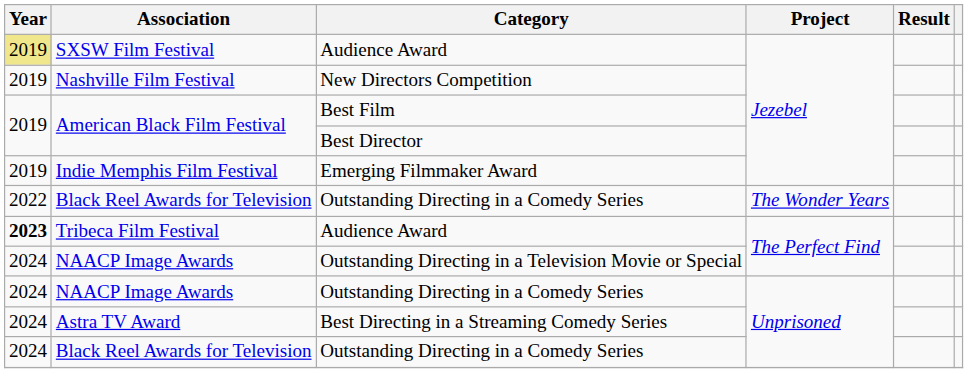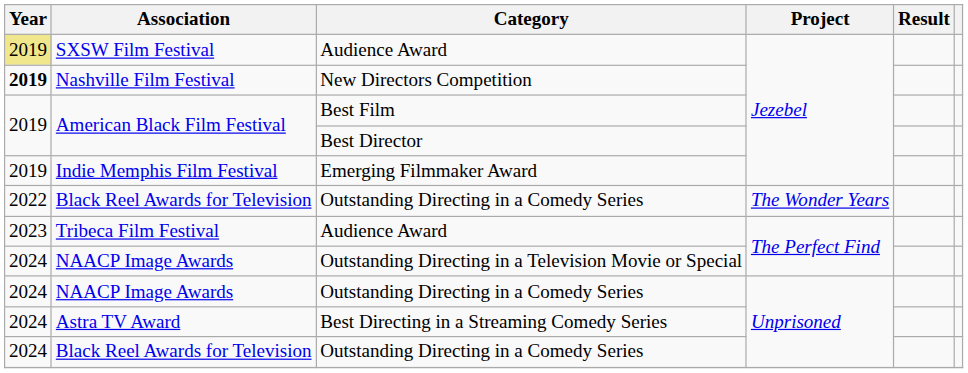 <table class="wikitable sortable">
 <tr>
 <th>Year</th>
 <th>Association</th>
 <th>Category</th>
 <th>Project</th>
 <th>Result</th>
 <th class=unsortable></th>
 </tr>
 <tr>
 <td style="background: khaki;">2019</td>
 <td><a href='#'>SXSW Film Festival</a></td>
 <td>Audience Award</td>
 <td rowspan=5><em><a href='#'>Jezebel</a></em></td>
 <td></td>
 <td></td>
 </tr>
 <tr>
-<td>2019</td>
+<td><strong>2019</strong></td>
 <td><a href='#'>Nashville Film Festival</a></td>
 <td>New Directors Competition</td>
 <td></td>
 <td></td>
 </tr>
 <tr>
 <td rowspan=2>2019</td>
 <td rowspan=2><a href='#'>American Black Film Festival</a></td>
 <td>Best Film</td>
 <td></td>
 <td></td>
 </tr>
 <tr>
 <td>Best Director</td>
 <td></td>
 <td></td>
 </tr>
 <tr>
 <td>2019</td>
 <td><a href='#'>Indie Memphis Film Festival</a></td>
 <td>Emerging Filmmaker Award</td>
 <td></td>
 <td></td>
 </tr>
 <tr>
 <td>2022</td>
 <td><a href='#'>Black Reel Awards for Television</a></td>
 <td>Outstanding Directing in a Comedy Series</td>
 <td><em><a href='#'>The Wonder Years</a></em></td>
 <td></td>
 <td></td>
 </tr>
 <tr>
-<td><strong>2023</strong></td>
+<td>2023</td>
 <td><a href='#'>Tribeca Film Festival</a></td>
 <td>Audience Award</td>
 <td rowspan="2"><em><a href='#'>The Perfect Find</a></em></td>
 <td></td>
 <td></td>
 </tr>
 <tr>
 <td>2024</td>
 <td><a href='#'>NAACP Image Awards</a></td>
 <td>Outstanding Directing in a Television Movie or Special</td>
 <td></td>
 <td></td>
 </tr>
 <tr>
 <td>2024</td>
 <td><a href='#'>NAACP Image Awards</a></td>
 <td>Outstanding Directing in a Comedy Series</td>
 <td rowspan="3"><em><a href='#'>Unprisoned</a></em></td>
 <td></td>
 <td></td>
 </tr>
 <tr>
 <td>2024</td>
 <td><a href='#'>Astra TV Award</a></td>
 <td>Best Directing in a Streaming Comedy Series</td>
 <td></td>
 <td></td>
 </tr>
 <tr>
 <td>2024</td>
 <td><a href='#'>Black Reel Awards for Television</a></td>
 <td>Outstanding Directing in a Comedy Series</td>
 <td></td>
 <td></td>
 </tr>
 <tr>
 </tr>
 </table>
